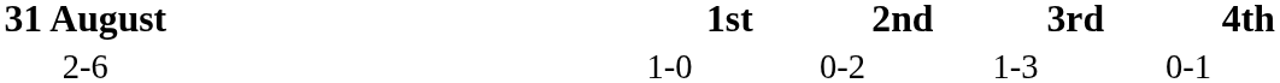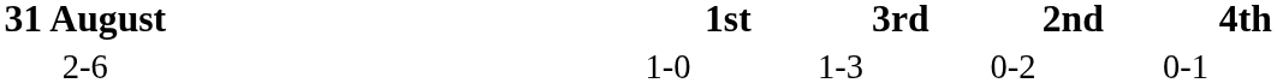 <table width=60% cellspacing=1>
 <tr>
 <th width=20%></th>
 <th width=12%>31 August</th>
 <th width=20%></th>
 <th width=8%>1st</th>
+<th width=8%>3rd</th>
 <th width=8%>2nd</th>
-<th width=8%>3rd</th>
 <th width=8%>4th</th>
 </tr>
 <tr style=font-size:90%>
 <td align=right></td>
 <td align=center>2-6</td>
 <td><strong></strong></td>
 <td>1-0</td>
+<td>1-3</td>
 <td>0-2</td>
-<td>1-3</td>
 <td>0-1</td>
 </tr>
 </table>
